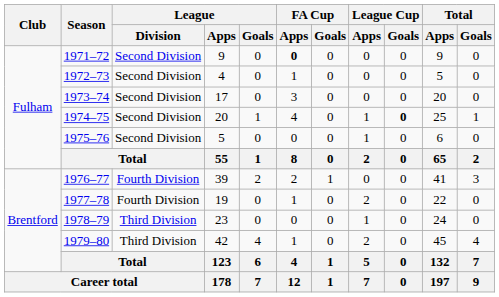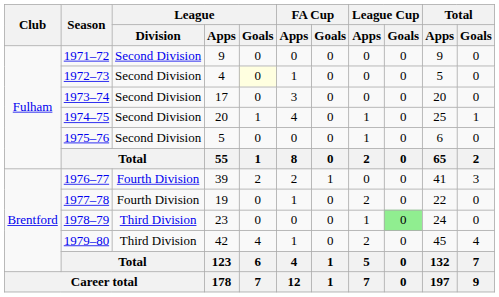 <table class="wikitable" style="text-align: center;">
 <tr>
 <th rowspan="2">Club</th>
 <th rowspan="2">Season</th>
 <th colspan="3">League</th>
 <th colspan="2">FA Cup</th>
 <th colspan="2">League Cup</th>
 <th colspan="2">Total</th>
 </tr>
 <tr>
 <th>Division</th>
 <th>Apps</th>
 <th>Goals</th>
 <th>Apps</th>
 <th>Goals</th>
 <th>Apps</th>
 <th>Goals</th>
 <th>Apps</th>
 <th>Goals</th>
 </tr>
 <tr>
 <td rowspan="6"><a href='#'>Fulham</a></td>
 <td><a href='#'>1971–72</a></td>
 <td><a href='#'>Second Division</a></td>
 <td>9</td>
 <td>0</td>
-<td><strong>0</strong></td>
+<td>0</td>
 <td>0</td>
 <td>0</td>
 <td>0</td>
 <td>9</td>
 <td>0</td>
 </tr>
 <tr>
 <td><a href='#'>1972–73</a></td>
 <td>Second Division</td>
 <td>4</td>
-<td>0</td>
+<td style="background: lightyellow;">0</td>
 <td>1</td>
 <td>0</td>
 <td>0</td>
 <td>0</td>
 <td>5</td>
 <td>0</td>
 </tr>
 <tr>
 <td><a href='#'>1973–74</a></td>
 <td>Second Division</td>
 <td>17</td>
 <td>0</td>
 <td>3</td>
 <td>0</td>
 <td>0</td>
 <td>0</td>
 <td>20</td>
 <td>0</td>
 </tr>
 <tr>
 <td><a href='#'>1974–75</a></td>
 <td>Second Division</td>
 <td>20</td>
 <td>1</td>
 <td>4</td>
 <td>0</td>
 <td>1</td>
-<td><strong>0</strong></td>
+<td>0</td>
 <td>25</td>
 <td>1</td>
 </tr>
 <tr>
 <td><a href='#'>1975–76</a></td>
 <td>Second Division</td>
 <td>5</td>
 <td>0</td>
 <td>0</td>
 <td>0</td>
 <td>1</td>
 <td>0</td>
 <td>6</td>
 <td>0</td>
 </tr>
 <tr>
 <th colspan="2">Total</th>
 <th>55</th>
 <th>1</th>
 <th>8</th>
 <th>0</th>
 <th>2</th>
 <th>0</th>
 <th>65</th>
 <th>2</th>
 </tr>
 <tr>
 <td rowspan="5"><a href='#'>Brentford</a></td>
 <td><a href='#'>1976–77</a></td>
 <td><a href='#'>Fourth Division</a></td>
 <td>39</td>
 <td>2</td>
 <td>2</td>
 <td>1</td>
 <td>0</td>
 <td>0</td>
 <td>41</td>
 <td>3</td>
 </tr>
 <tr>
 <td><a href='#'>1977–78</a></td>
 <td>Fourth Division</td>
 <td>19</td>
 <td>0</td>
 <td>1</td>
 <td>0</td>
 <td>2</td>
 <td>0</td>
 <td>22</td>
 <td>0</td>
 </tr>
 <tr>
 <td><a href='#'>1978–79</a></td>
 <td><a href='#'>Third Division</a></td>
 <td>23</td>
 <td>0</td>
 <td>0</td>
 <td>0</td>
 <td>1</td>
-<td>0</td>
+<td style="background: lightgreen;">0</td>
 <td>24</td>
 <td>0</td>
 </tr>
 <tr>
 <td><a href='#'>1979–80</a></td>
 <td>Third Division</td>
 <td>42</td>
 <td>4</td>
 <td>1</td>
 <td>0</td>
 <td>2</td>
 <td>0</td>
 <td>45</td>
 <td>4</td>
 </tr>
 <tr>
 <th colspan="2">Total</th>
 <th>123</th>
 <th>6</th>
 <th>4</th>
 <th>1</th>
 <th>5</th>
 <th>0</th>
 <th>132</th>
 <th>7</th>
 </tr>
 <tr>
 <th colspan="3">Career total</th>
 <th>178</th>
 <th>7</th>
 <th>12</th>
 <th>1</th>
 <th>7</th>
 <th>0</th>
 <th>197</th>
 <th>9</th>
 </tr>
 </table>
